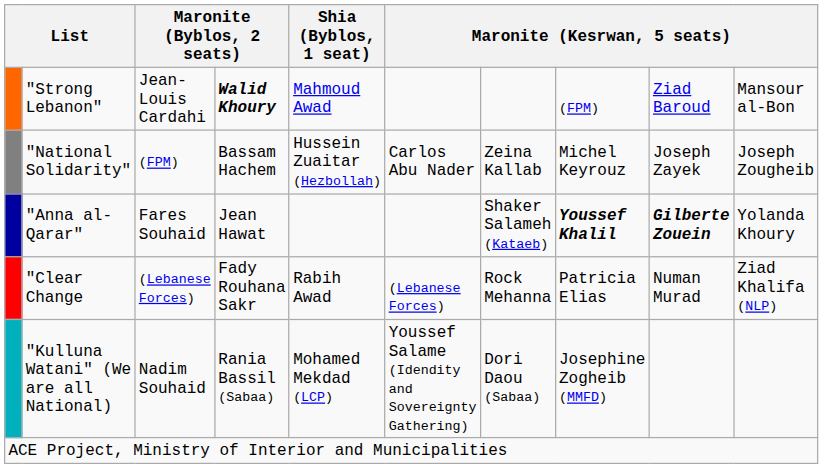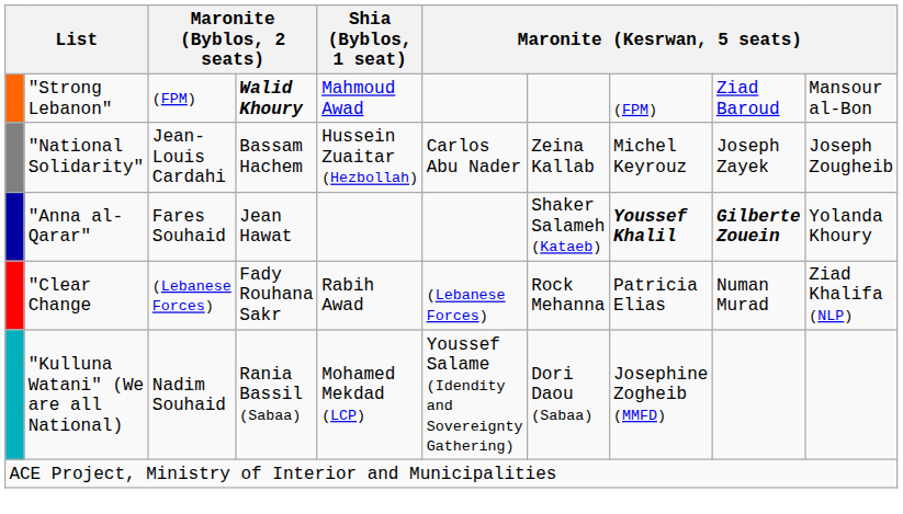 <table class="wikitable" style="text-align:left">
 <tr>
 <th colspan="2">List</th>
 <th colspan="2">Maronite (Byblos, 2 seats)</th>
 <th>Shia (Byblos, 1 seat)</th>
 <th colspan="5">Maronite (Kesrwan, 5 seats)</th>
 </tr>
 <tr>
 <td align=left, style="background-color:#ff6600"> </td>
 <td align="left">"Strong Lebanon"</td>
-<td>Jean-Louis Cardahi</td>
+<td><small>(<a href='#'>FPM</a>)</small></td>
 <td><strong><em>Walid Khoury</em></strong></td>
 <td><a href='#'>Mahmoud Awad</a></td>
 <td></td>
 <td></td>
 <td><br><small>(<a href='#'>FPM</a>)</small></td>
 <td><a href='#'>Ziad Baroud</a></td>
 <td>Mansour al-Bon</td>
 </tr>
 <tr>
 <td align=left, style="background-color:#808080"> </td>
 <td align="left">"National Solidarity"</td>
-<td><small>(<a href='#'>FPM</a>)</small></td>
+<td>Jean-Louis Cardahi</td>
 <td>Bassam Hachem</td>
 <td>Hussein Zuaitar<br><small>(<a href='#'>Hezbollah</a>)</small></td>
 <td>Carlos Abu Nader</td>
 <td>Zeina Kallab</td>
 <td>Michel Keyrouz</td>
 <td>Joseph Zayek</td>
 <td>Joseph Zougheib</td>
 </tr>
 <tr>
 <td align=left, style="background-color:#0000a0"> </td>
 <td align="left">"Anna al-Qarar"</td>
 <td>Fares Souhaid</td>
 <td>Jean Hawat</td>
 <td></td>
 <td></td>
 <td>Shaker Salameh<br><small>(<a href='#'>Kataeb</a>)</small></td>
 <td><strong><em>Youssef Khalil</em></strong></td>
 <td><strong><em>Gilberte Zouein</em></strong></td>
 <td>Yolanda Khoury</td>
 </tr>
 <tr>
 <td align=left, style="background-color:#ff0000"> </td>
 <td align="left">"Clear Change</td>
 <td><small>(<a href='#'>Lebanese Forces</a>)</small></td>
 <td>Fady Rouhana Sakr</td>
 <td>Rabih Awad</td>
 <td><br><small>(<a href='#'>Lebanese Forces</a>)</small></td>
 <td>Rock Mehanna</td>
 <td>Patricia Elias</td>
 <td>Numan Murad</td>
 <td>Ziad Khalifa<br><small>(<a href='#'>NLP</a>)</small></td>
 </tr>
 <tr>
 <td align=left, style="background-color:#00b0bd"> </td>
 <td align="left">"Kulluna Watani" (We are all National)</td>
 <td>Nadim Souhaid</td>
 <td>Rania Bassil <small>(Sabaa)</small></td>
 <td>Mohamed Mekdad<br><small>(<a href='#'>LCP</a>)</small></td>
 <td>Youssef Salame <small>(Idendity and Sovereignty Gathering)</small></td>
 <td>Dori Daou <small>(Sabaa)</small></td>
 <td>Josephine Zogheib <small>(<a href='#'>MMFD</a>)</small></td>
 <td></td>
 <td></td>
 </tr>
 <tr>
 <td colspan="10">ACE Project, Ministry of Interior and Municipalities</td>
 </tr>
 </table>
